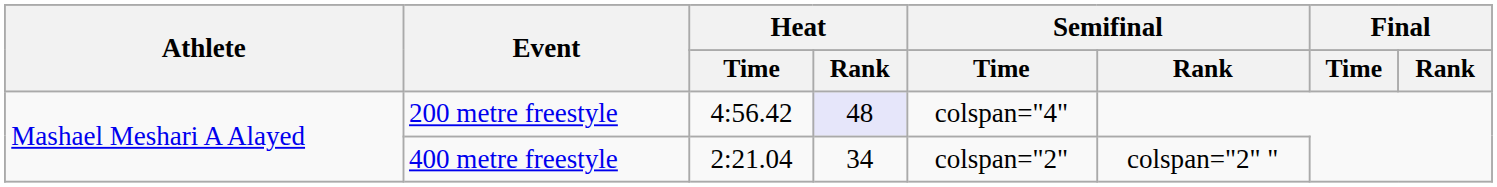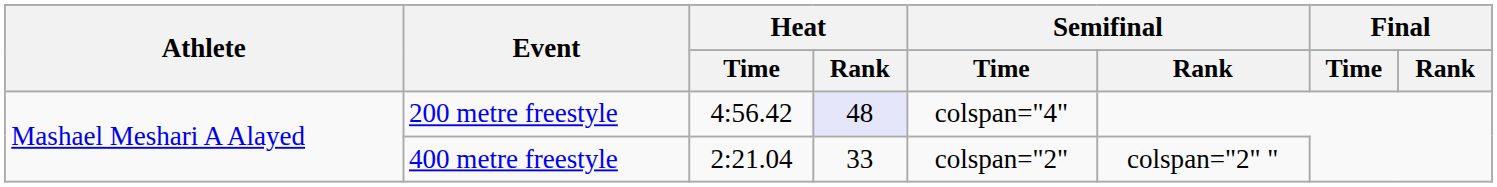 <table class="wikitable" style="text-align:center; font-size:90%; width:50%;">
 <tr>
 <th rowspan="2">Athlete</th>
 <th rowspan="2">Event</th>
 <th colspan="2">Heat</th>
 <th colspan="2">Semifinal</th>
 <th colspan="2">Final</th>
 </tr>
 <tr style="font-size:95%">
 <th>Time</th>
 <th>Rank</th>
 <th>Time</th>
 <th>Rank</th>
 <th>Time</th>
 <th>Rank</th>
 </tr>
 <tr>
 <td align=left rowspan=2><a href='#'>Mashael Meshari A Alayed</a></td>
 <td align=left><a href='#'>200 metre freestyle</a></td>
 <td>4:56.42</td>
 <td style="background: lavender;">48</td>
 <td>colspan="4"</td>
 </tr>
 <tr>
 <td align=left><a href='#'>400 metre freestyle</a></td>
 <td>2:21.04</td>
-<td>34</td>
+<td>33</td>
 <td>colspan="2"  </td>
 <td>colspan="2" " </td>
 </tr>
 </table>
